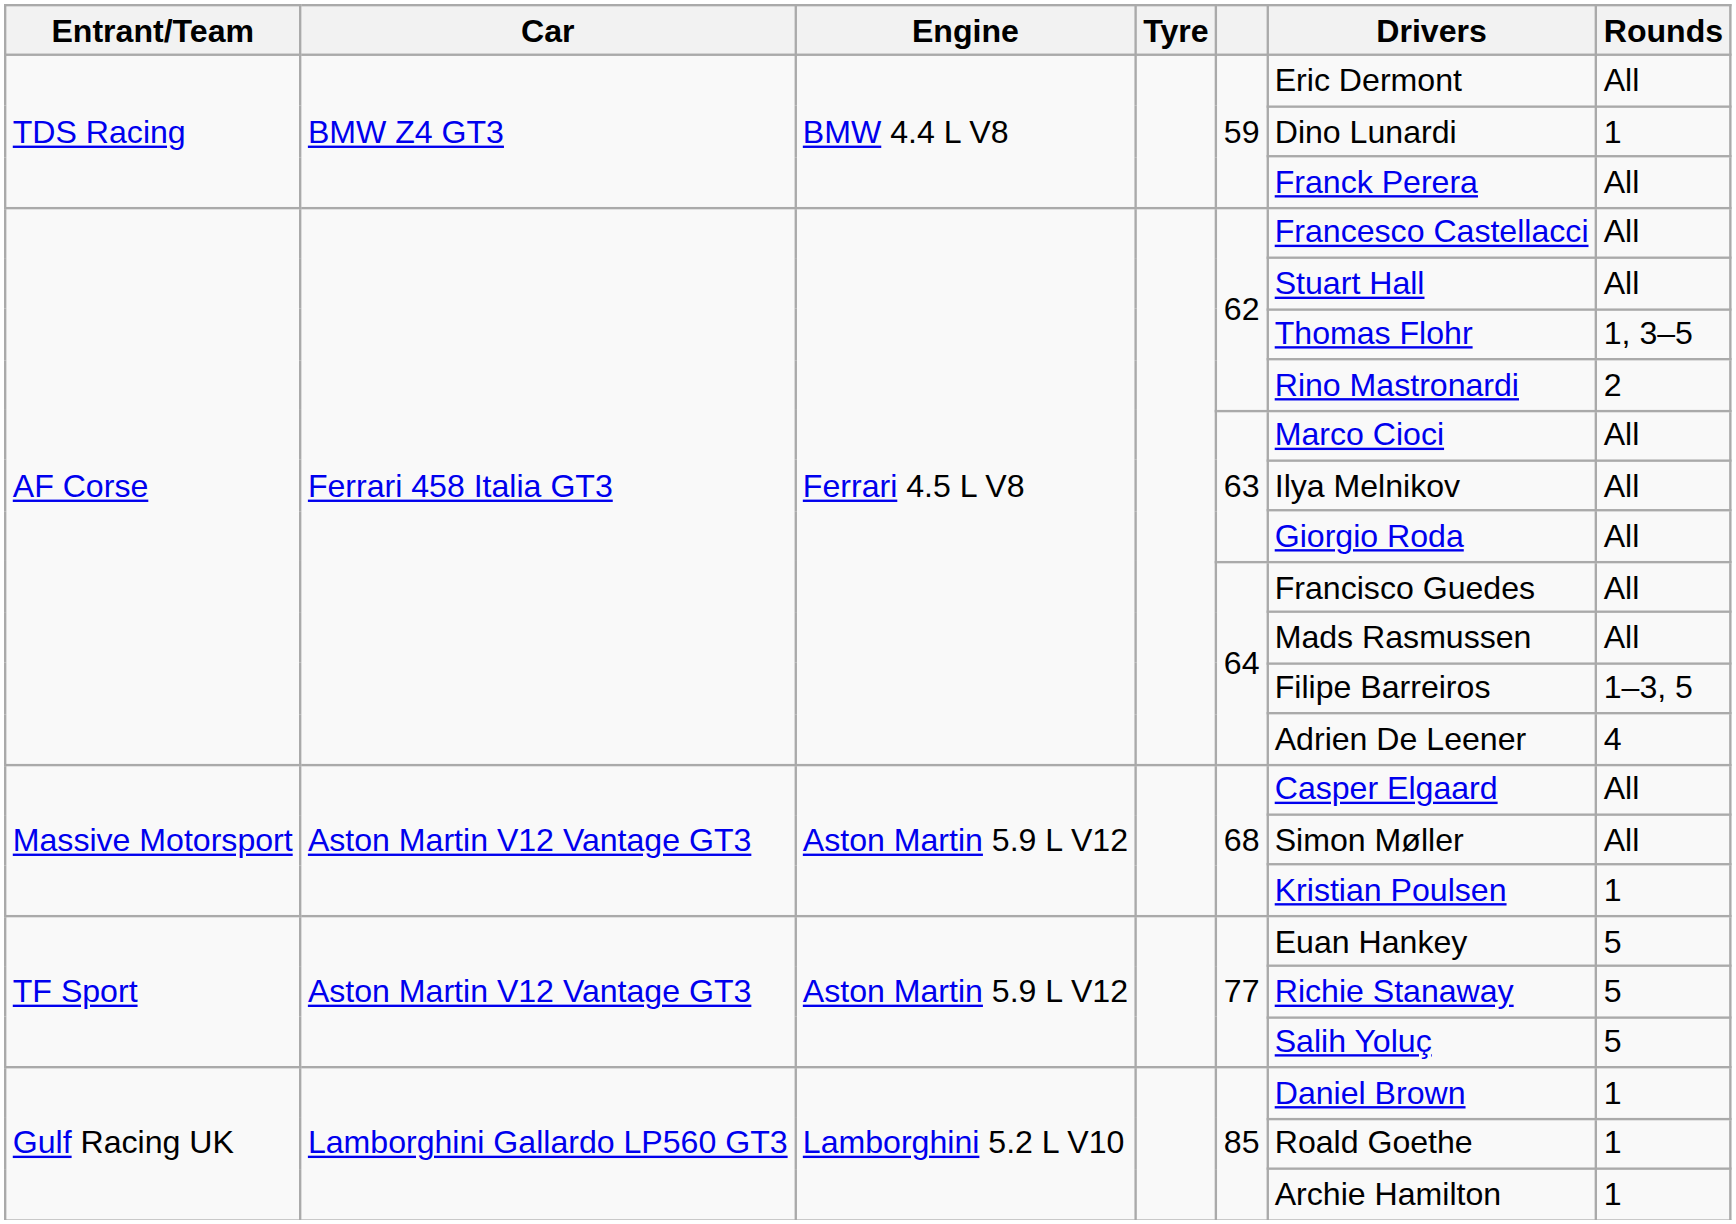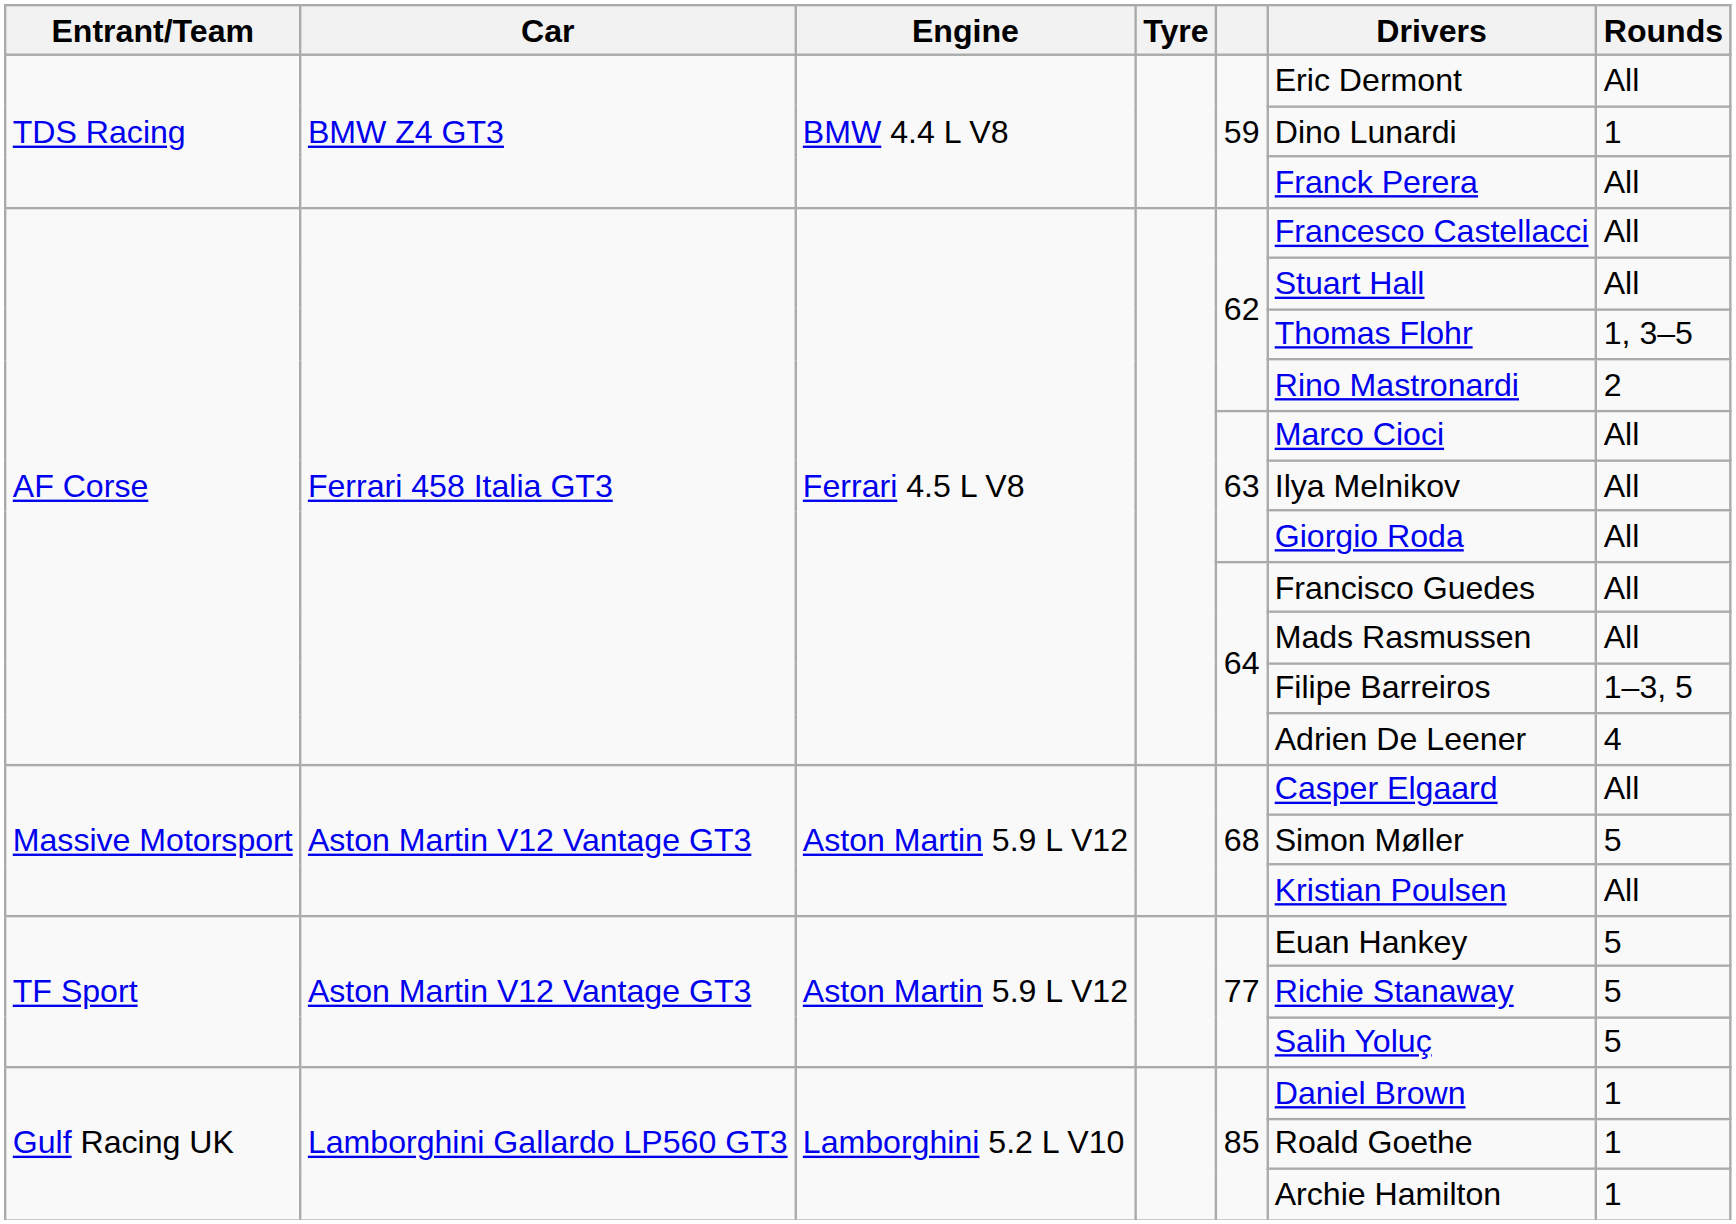 <table class="wikitable" style="font-size: 85%">
 <tr>
 <th>Entrant/Team</th>
 <th>Car</th>
 <th>Engine</th>
 <th>Tyre</th>
 <th></th>
 <th>Drivers</th>
 <th>Rounds</th>
 </tr>
 <tr>
 <td rowspan=3> <a href='#'>TDS Racing</a></td>
 <td rowspan=3><a href='#'>BMW Z4 GT3</a></td>
 <td rowspan=3><a href='#'>BMW</a> 4.4 L V8</td>
 <td rowspan=3></td>
 <td rowspan=3>59</td>
 <td> Eric Dermont</td>
 <td>All</td>
 </tr>
 <tr>
 <td> Dino Lunardi</td>
 <td>1</td>
 </tr>
 <tr>
 <td> <a href='#'>Franck Perera</a></td>
 <td>All</td>
 </tr>
 <tr>
 <td rowspan=11> <a href='#'>AF Corse</a></td>
 <td rowspan=11><a href='#'>Ferrari 458 Italia GT3</a></td>
 <td rowspan=11><a href='#'>Ferrari</a> 4.5 L V8</td>
 <td rowspan=11></td>
 <td rowspan=4>62</td>
 <td> <a href='#'>Francesco Castellacci</a></td>
 <td>All</td>
 </tr>
 <tr>
 <td> <a href='#'>Stuart Hall</a></td>
 <td>All</td>
 </tr>
 <tr>
 <td> <a href='#'>Thomas Flohr</a></td>
 <td>1, 3–5</td>
 </tr>
 <tr>
 <td> <a href='#'>Rino Mastronardi</a></td>
 <td>2</td>
 </tr>
 <tr>
 <td rowspan=3>63</td>
 <td> <a href='#'>Marco Cioci</a></td>
 <td>All</td>
 </tr>
 <tr>
 <td> Ilya Melnikov</td>
 <td>All</td>
 </tr>
 <tr>
 <td> <a href='#'>Giorgio Roda</a></td>
 <td>All</td>
 </tr>
 <tr>
 <td rowspan=4>64</td>
 <td> Francisco Guedes</td>
 <td>All</td>
 </tr>
 <tr>
 <td> Mads Rasmussen</td>
 <td>All</td>
 </tr>
 <tr>
 <td> Filipe Barreiros</td>
 <td>1–3, 5</td>
 </tr>
 <tr>
 <td> Adrien De Leener</td>
 <td>4</td>
 </tr>
 <tr>
 <td rowspan=3> <a href='#'>Massive Motorsport</a></td>
 <td rowspan=3><a href='#'>Aston Martin V12 Vantage GT3</a></td>
 <td rowspan=3><a href='#'>Aston Martin</a> 5.9 L V12</td>
 <td rowspan=3></td>
 <td rowspan=3>68</td>
 <td> <a href='#'>Casper Elgaard</a></td>
 <td>All</td>
 </tr>
 <tr>
 <td> Simon Møller</td>
-<td>All</td>
+<td>5</td>
 </tr>
 <tr>
 <td> <a href='#'>Kristian Poulsen</a></td>
-<td>1</td>
+<td>All</td>
 </tr>
 <tr>
 <td rowspan=3> <a href='#'>TF Sport</a></td>
 <td rowspan=3><a href='#'>Aston Martin V12 Vantage GT3</a></td>
 <td rowspan=3><a href='#'>Aston Martin</a> 5.9 L V12</td>
 <td rowspan=3></td>
 <td rowspan=3>77</td>
 <td> Euan Hankey</td>
 <td>5</td>
 </tr>
 <tr>
 <td> <a href='#'>Richie Stanaway</a></td>
 <td>5</td>
 </tr>
 <tr>
 <td> <a href='#'>Salih Yoluç</a></td>
 <td>5</td>
 </tr>
 <tr>
 <td rowspan=3> <a href='#'>Gulf</a> Racing UK</td>
 <td rowspan=3><a href='#'>Lamborghini Gallardo LP560 GT3</a></td>
 <td rowspan=3><a href='#'>Lamborghini</a> 5.2 L V10</td>
 <td rowspan=3></td>
 <td rowspan=3>85</td>
 <td> <a href='#'>Daniel Brown</a></td>
 <td>1</td>
 </tr>
 <tr>
 <td> Roald Goethe</td>
 <td>1</td>
 </tr>
 <tr>
 <td> Archie Hamilton</td>
 <td>1</td>
 </tr>
 </table>
